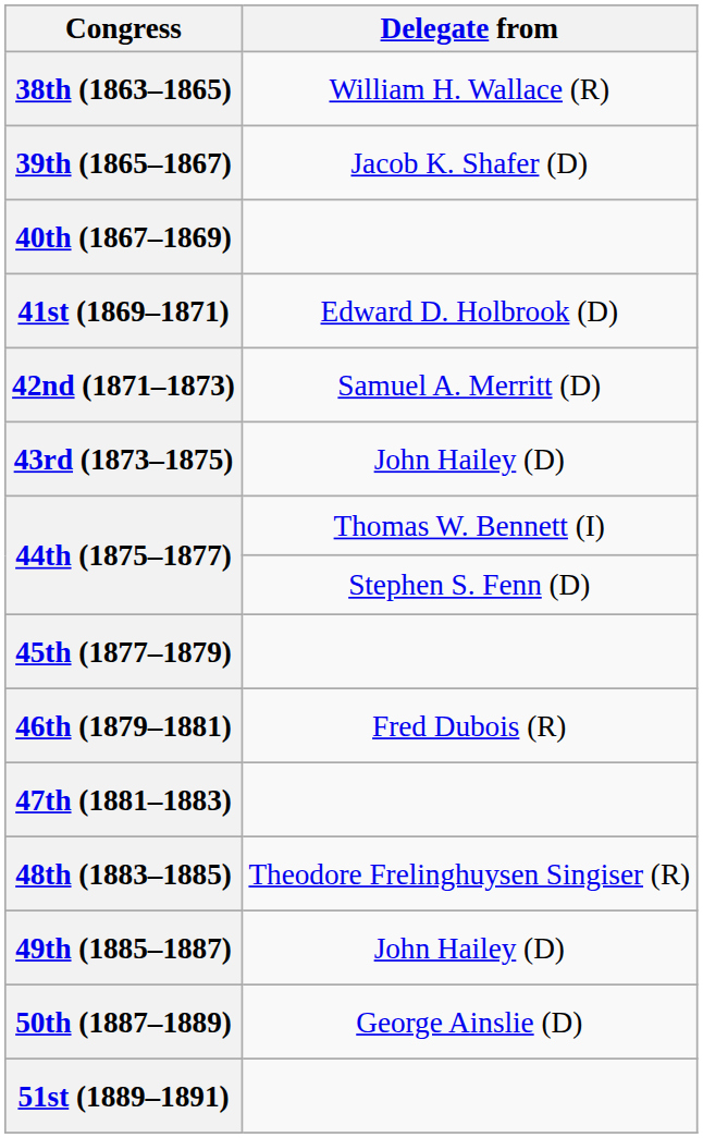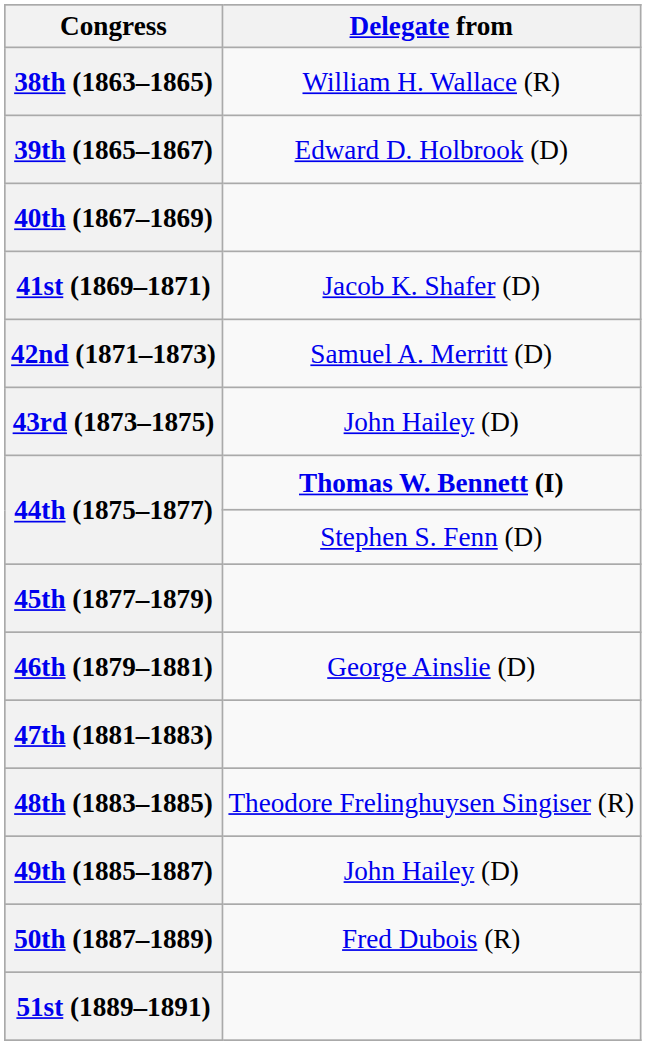 <table class=wikitable style="text-align:center">
 <tr>
 <th ! scope="col">Congress</th>
 <th ! scope="col"><a href='#'>Delegate</a> from<br></th>
 </tr>
 <tr style="height:2.5em">
 <th scope="row"><a href='#'>38th</a> (1863–1865)</th>
 <td><a href='#'>William H. Wallace</a> (R)</td>
 </tr>
 <tr style="height:2.5em">
 <th scope="row"><a href='#'>39th</a> (1865–1867)</th>
-<td><a href='#'>Jacob K. Shafer</a> (D)</td>
+<td><a href='#'>Edward D. Holbrook</a> (D)</td>
 </tr>
 <tr style="height:2.5em">
 <th scope="row"><a href='#'>40th</a> (1867–1869)</th>
 </tr>
 <tr style="height:2.5em">
 <th scope="row"><a href='#'>41st</a> (1869–1871)</th>
-<td><a href='#'>Edward D. Holbrook</a> (D)</td>
+<td><a href='#'>Jacob K. Shafer</a> (D)</td>
 </tr>
 <tr style="height:2.5em">
 <th scope="row"><a href='#'>42nd</a> (1871–1873)</th>
 <td><a href='#'>Samuel A. Merritt</a> (D)</td>
 </tr>
 <tr style="height:2.5em">
 <th scope="row"><a href='#'>43rd</a> (1873–1875)</th>
 <td><a href='#'>John Hailey</a> (D)</td>
 </tr>
 <tr style="height:2em">
 <th scope="row" rowspan=2><a href='#'>44th</a> (1875–1877)</th>
-<td><a href='#'>Thomas W. Bennett</a> (I)</td>
+<td><strong><a href='#'>Thomas W. Bennett</a> (I)</strong></td>
 </tr>
 <tr style="height:2em">
 <td><a href='#'>Stephen S. Fenn</a> (D)</td>
 </tr>
 <tr style="height:2.5em">
 <th scope="row"><a href='#'>45th</a> (1877–1879)</th>
 </tr>
 <tr style="height:2.5em">
 <th scope="row"><a href='#'>46th</a> (1879–1881)</th>
-<td><a href='#'>Fred Dubois</a> (R)</td>
+<td><a href='#'>George Ainslie</a> (D)</td>
 </tr>
 <tr style="height:2.5em">
 <th scope="row"><a href='#'>47th</a> (1881–1883)</th>
 </tr>
 <tr style="height:2.5em">
 <th scope="row"><a href='#'>48th</a> (1883–1885)</th>
 <td><a href='#'>Theodore Frelinghuysen Singiser</a> (R)</td>
 </tr>
 <tr style="height:2.5em">
 <th scope="row"><a href='#'>49th</a> (1885–1887)</th>
 <td><a href='#'>John Hailey</a> (D)</td>
 </tr>
 <tr style="height:2.5em">
 <th scope="row"><a href='#'>50th</a> (1887–1889)</th>
-<td><a href='#'>George Ainslie</a> (D)</td>
+<td><a href='#'>Fred Dubois</a> (R)</td>
 </tr>
 <tr style="height:2.5em">
 <th scope="row"><a href='#'>51st</a> (1889–1891)</th>
 </tr>
 </table>
